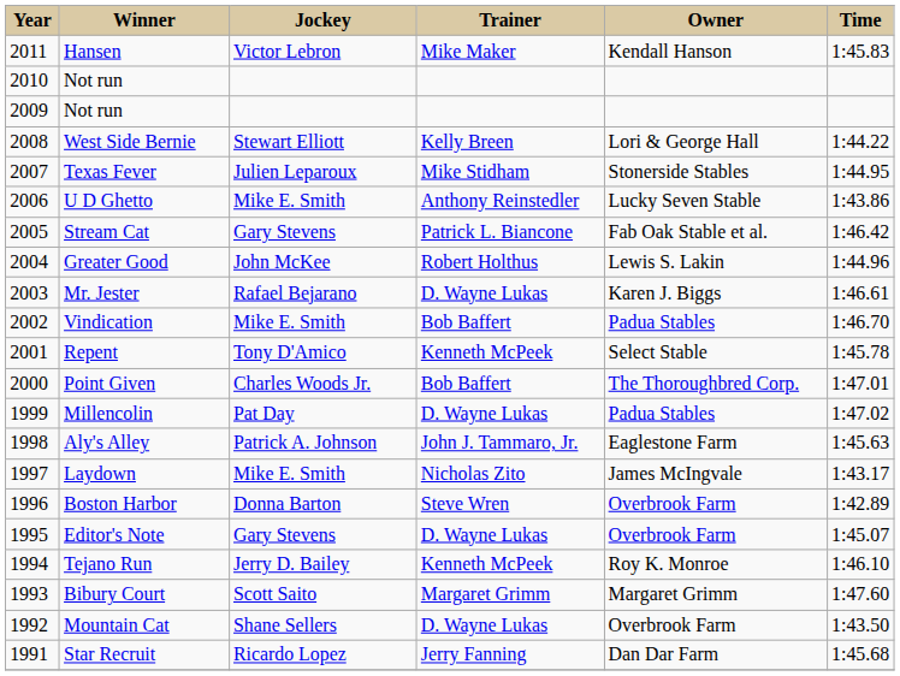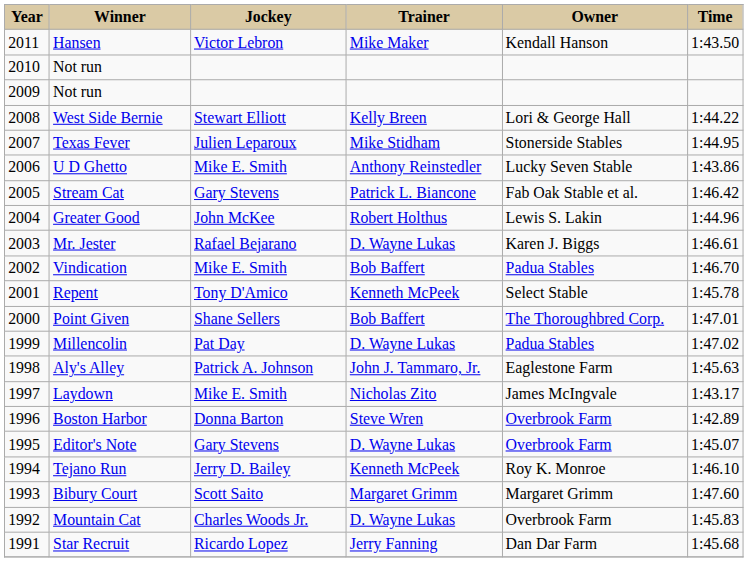 <table class="wikitable sortable">
 <tr>
 <th style="background-color:#DACAA5; width:38px">Year<br></th>
 <th style="background-color:#DACAA5; width:135px">Winner<br></th>
 <th style="background-color:#DACAA5; width:150px">Jockey<br></th>
 <th style="background-color:#DACAA5; width:150px">Trainer<br></th>
 <th style="background-color:#DACAA5; width:180px">Owner<br></th>
 <th style="background-color:#DACAA5">Time</th>
 </tr>
 <tr>
 <td>2011</td>
 <td><a href='#'>Hansen</a></td>
 <td><a href='#'>Victor Lebron</a></td>
 <td><a href='#'>Mike Maker</a></td>
 <td>Kendall Hanson</td>
-<td>1:45.83</td>
+<td>1:43.50</td>
 </tr>
 <tr>
 <td>2010</td>
 <td>Not run</td>
 <td></td>
 <td></td>
 <td></td>
 <td></td>
 </tr>
 <tr>
 <td>2009</td>
 <td>Not run</td>
 <td></td>
 <td></td>
 <td></td>
 <td></td>
 </tr>
 <tr>
 <td>2008</td>
 <td><a href='#'>West Side Bernie</a></td>
 <td><a href='#'>Stewart Elliott</a></td>
 <td><a href='#'>Kelly Breen</a></td>
 <td>Lori & George Hall</td>
 <td>1:44.22</td>
 </tr>
 <tr>
 <td>2007</td>
 <td><a href='#'>Texas Fever</a></td>
 <td><a href='#'>Julien Leparoux</a></td>
 <td><a href='#'>Mike Stidham</a></td>
 <td>Stonerside Stables</td>
 <td>1:44.95</td>
 </tr>
 <tr>
 <td>2006</td>
 <td><a href='#'>U D Ghetto</a></td>
 <td><a href='#'>Mike E. Smith</a></td>
 <td><a href='#'>Anthony Reinstedler</a></td>
 <td>Lucky Seven Stable</td>
 <td>1:43.86</td>
 </tr>
 <tr>
 <td>2005</td>
 <td><a href='#'>Stream Cat</a></td>
 <td><a href='#'>Gary Stevens</a></td>
 <td><a href='#'>Patrick L. Biancone</a></td>
 <td>Fab Oak Stable et al.</td>
 <td>1:46.42</td>
 </tr>
 <tr>
 <td>2004</td>
 <td><a href='#'>Greater Good</a></td>
 <td><a href='#'>John McKee</a></td>
 <td><a href='#'>Robert Holthus</a></td>
 <td>Lewis S. Lakin</td>
 <td>1:44.96</td>
 </tr>
 <tr>
 <td>2003</td>
 <td><a href='#'>Mr. Jester</a></td>
 <td><a href='#'>Rafael Bejarano</a></td>
 <td><a href='#'>D. Wayne Lukas</a></td>
 <td>Karen J. Biggs</td>
 <td>1:46.61</td>
 </tr>
 <tr>
 <td>2002</td>
 <td><a href='#'>Vindication</a></td>
 <td><a href='#'>Mike E. Smith</a></td>
 <td><a href='#'>Bob Baffert</a></td>
 <td><a href='#'>Padua Stables</a></td>
 <td>1:46.70</td>
 </tr>
 <tr>
 <td>2001</td>
 <td><a href='#'>Repent</a></td>
 <td><a href='#'>Tony D'Amico</a></td>
 <td><a href='#'>Kenneth McPeek</a></td>
 <td>Select Stable</td>
 <td>1:45.78</td>
 </tr>
 <tr>
 <td>2000</td>
 <td><a href='#'>Point Given</a></td>
-<td><a href='#'>Charles Woods Jr.</a></td>
+<td><a href='#'>Shane Sellers</a></td>
 <td><a href='#'>Bob Baffert</a></td>
 <td><a href='#'>The Thoroughbred Corp.</a></td>
 <td>1:47.01</td>
 </tr>
 <tr>
 <td>1999</td>
 <td><a href='#'>Millencolin</a></td>
 <td><a href='#'>Pat Day</a></td>
 <td><a href='#'>D. Wayne Lukas</a></td>
 <td><a href='#'>Padua Stables</a></td>
 <td>1:47.02</td>
 </tr>
 <tr>
 <td>1998</td>
 <td><a href='#'>Aly's Alley</a></td>
 <td><a href='#'>Patrick A. Johnson</a></td>
 <td><a href='#'>John J. Tammaro, Jr.</a></td>
 <td>Eaglestone Farm</td>
 <td>1:45.63</td>
 </tr>
 <tr>
 <td>1997</td>
 <td><a href='#'>Laydown</a></td>
 <td><a href='#'>Mike E. Smith</a></td>
 <td><a href='#'>Nicholas Zito</a></td>
 <td>James McIngvale</td>
 <td>1:43.17</td>
 </tr>
 <tr>
 <td>1996</td>
 <td><a href='#'>Boston Harbor</a></td>
 <td><a href='#'>Donna Barton</a></td>
 <td><a href='#'>Steve Wren</a></td>
 <td><a href='#'>Overbrook Farm</a></td>
 <td>1:42.89</td>
 </tr>
 <tr>
 <td>1995</td>
 <td><a href='#'>Editor's Note</a></td>
 <td><a href='#'>Gary Stevens</a></td>
 <td><a href='#'>D. Wayne Lukas</a></td>
 <td><a href='#'>Overbrook Farm</a></td>
 <td>1:45.07</td>
 </tr>
 <tr>
 <td>1994</td>
 <td><a href='#'>Tejano Run</a></td>
 <td><a href='#'>Jerry D. Bailey</a></td>
 <td><a href='#'>Kenneth McPeek</a></td>
 <td>Roy K. Monroe</td>
 <td>1:46.10</td>
 </tr>
 <tr>
 <td>1993</td>
 <td><a href='#'>Bibury Court</a></td>
 <td><a href='#'>Scott Saito</a></td>
 <td><a href='#'>Margaret Grimm</a></td>
 <td>Margaret Grimm</td>
 <td>1:47.60</td>
 </tr>
 <tr>
 <td>1992</td>
 <td><a href='#'>Mountain Cat</a></td>
-<td><a href='#'>Shane Sellers</a></td>
+<td><a href='#'>Charles Woods Jr.</a></td>
 <td><a href='#'>D. Wayne Lukas</a></td>
 <td>Overbrook Farm</td>
-<td>1:43.50</td>
+<td>1:45.83</td>
 </tr>
 <tr>
 <td>1991</td>
 <td><a href='#'>Star Recruit</a></td>
 <td><a href='#'>Ricardo Lopez</a></td>
 <td><a href='#'>Jerry Fanning</a></td>
 <td>Dan Dar Farm</td>
 <td>1:45.68</td>
 </tr>
 <tr>
 </tr>
 </table>
